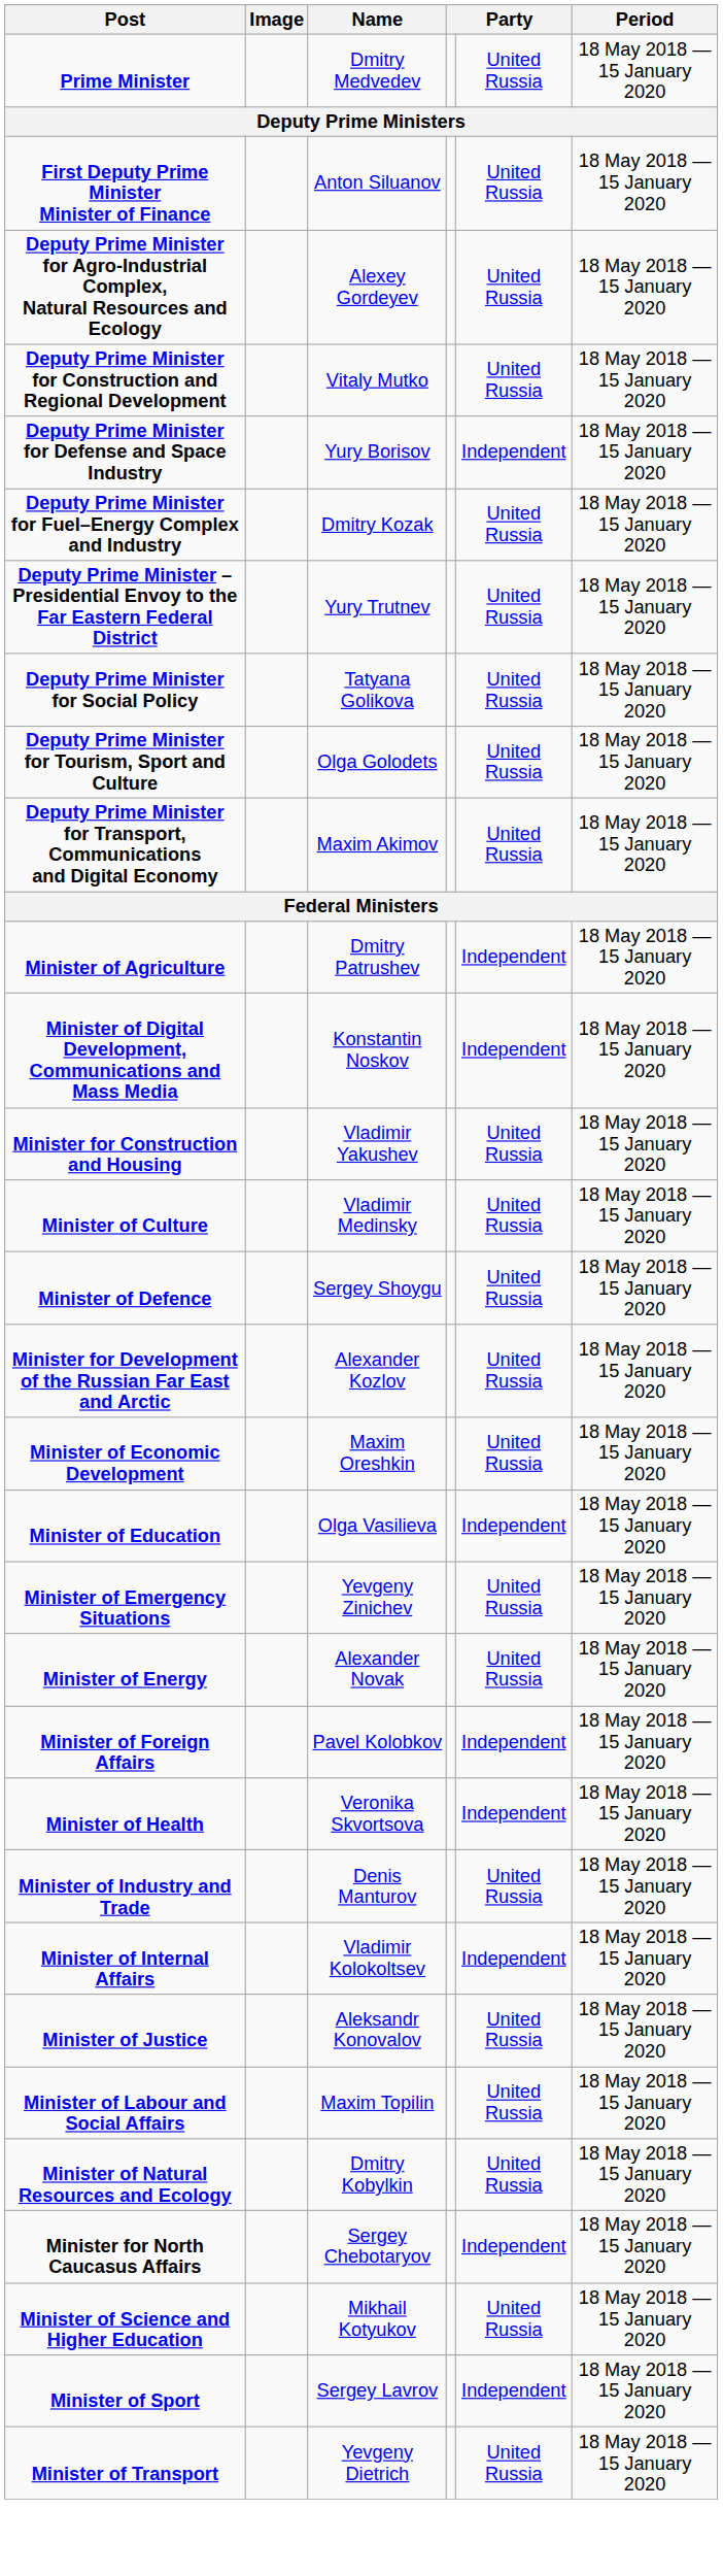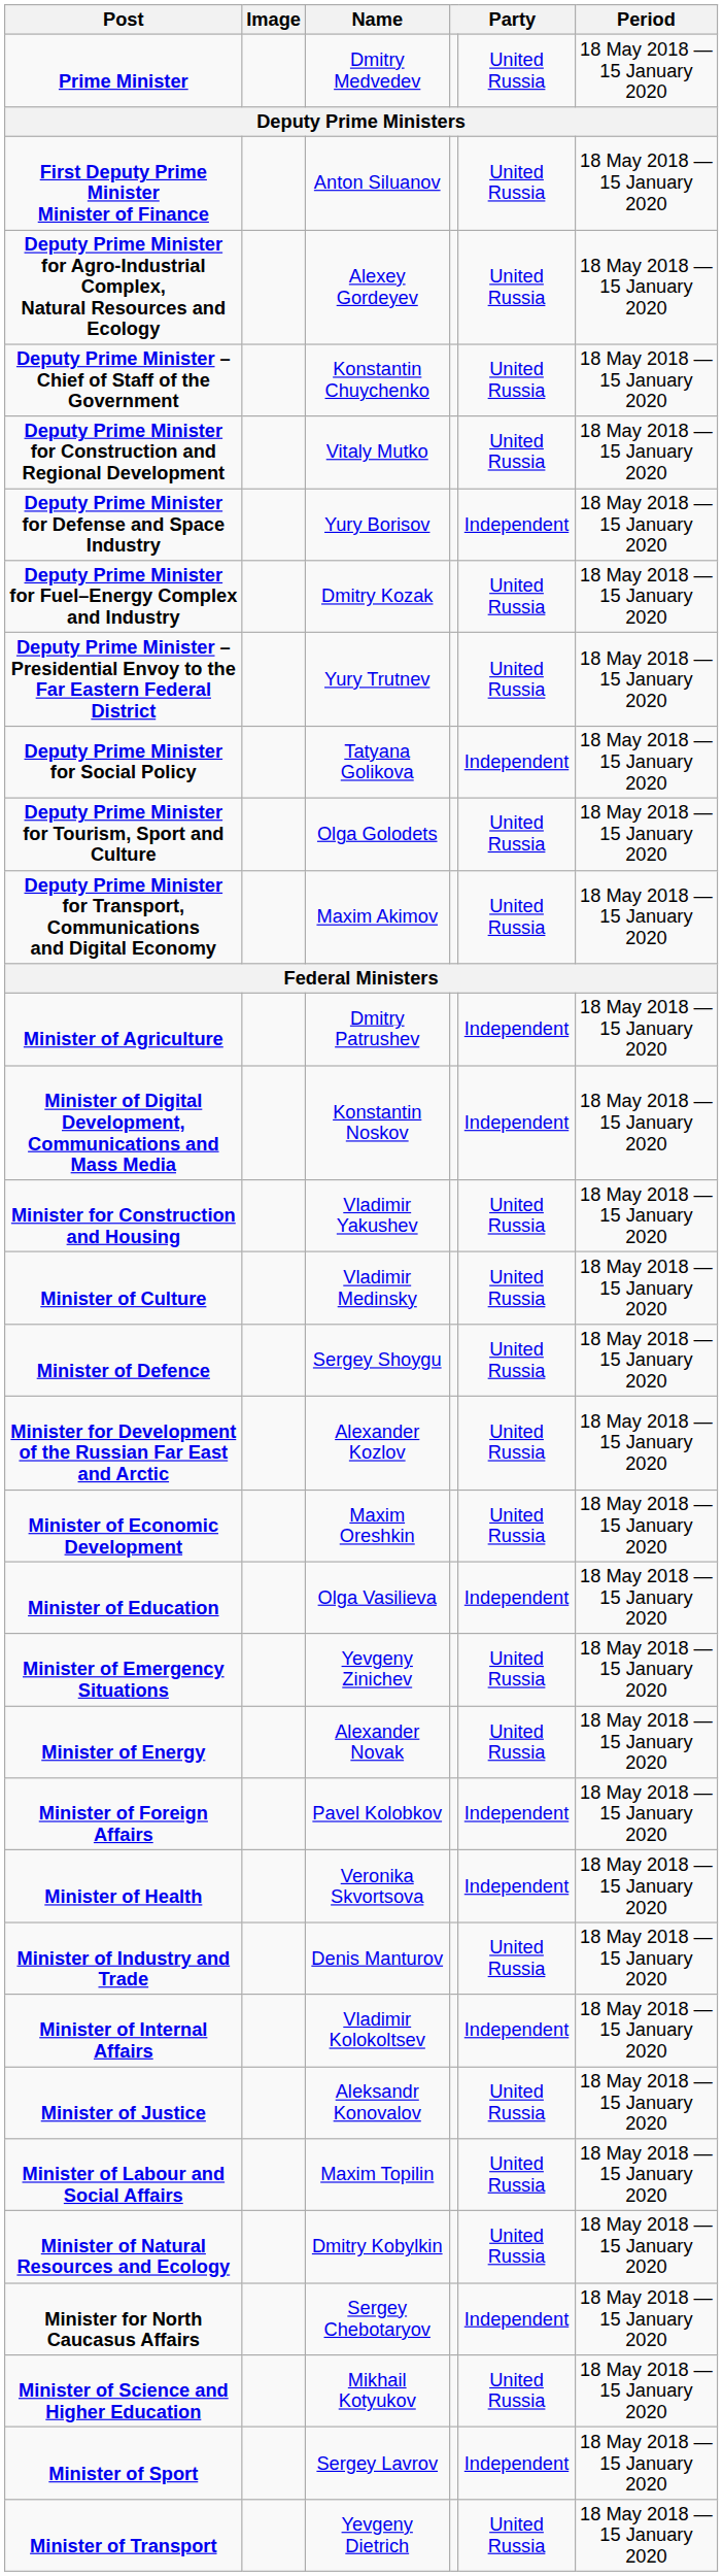 <table class="wikitable" style="text-align:center">
 <tr>
 <th>Post</th>
 <th>Image</th>
 <th>Name</th>
 <th colspan=2>Party</th>
 <th>Period</th>
 </tr>
 <tr>
 <td><br><strong><a href='#'>Prime Minister</a></strong></td>
 <td></td>
 <td><a href='#'>Dmitry Medvedev</a></td>
 <td style="background:"></td>
 <td><a href='#'>United Russia</a></td>
 <td>18 May 2018 — 15 January 2020</td>
 </tr>
 <tr>
 <th colspan=6>Deputy Prime Ministers</th>
 </tr>
 <tr>
 <td><br><strong><a href='#'>First Deputy Prime Minister</a></strong><br><strong><a href='#'>Minister of Finance</a></strong></td>
 <td></td>
 <td><a href='#'>Anton Siluanov</a></td>
 <td style="background:"></td>
 <td><a href='#'>United Russia</a></td>
 <td>18 May 2018 — 15 January 2020</td>
 </tr>
 <tr>
 <td><strong><a href='#'>Deputy Prime Minister</a><br>for Agro-Industrial Complex,<br>Natural Resources and Ecology</strong></td>
 <td></td>
 <td><a href='#'>Alexey Gordeyev</a></td>
+<td style="background:"></td>
+<td><a href='#'>United Russia</a></td>
+<td>18 May 2018 — 15 January 2020</td>
+</tr>
+<tr>
+<td><strong><a href='#'>Deputy Prime Minister</a> –<br>Chief of Staff of the Government</strong></td>
+<td></td>
+<td><a href='#'>Konstantin Chuychenko</a></td>
 <td style="background:"></td>
 <td><a href='#'>United Russia</a></td>
 <td>18 May 2018 — 15 January 2020</td>
 </tr>
 <tr>
 <td><strong><a href='#'>Deputy Prime Minister</a><br>for Construction and Regional Development</strong></td>
 <td></td>
 <td><a href='#'>Vitaly Mutko</a></td>
 <td style="background:"></td>
 <td><a href='#'>United Russia</a></td>
 <td>18 May 2018 — 15 January 2020</td>
 </tr>
 <tr>
 <td><strong><a href='#'>Deputy Prime Minister</a><br>for Defense and Space Industry</strong></td>
 <td></td>
 <td><a href='#'>Yury Borisov</a></td>
 <td style="background:"></td>
 <td><a href='#'>Independent</a></td>
 <td>18 May 2018 — 15 January 2020</td>
 </tr>
 <tr>
 <td><strong><a href='#'>Deputy Prime Minister</a><br>for Fuel–Energy Complex and Industry</strong></td>
 <td></td>
 <td><a href='#'>Dmitry Kozak</a></td>
 <td style="background:"></td>
 <td><a href='#'>United Russia</a></td>
 <td>18 May 2018 — 15 January 2020</td>
 </tr>
 <tr>
 <td><strong><a href='#'>Deputy Prime Minister</a> –<br>Presidential Envoy to the<br><a href='#'>Far Eastern Federal District</a></strong></td>
 <td></td>
 <td><a href='#'>Yury Trutnev</a></td>
 <td style="background:"></td>
 <td><a href='#'>United Russia</a></td>
 <td>18 May 2018 — 15 January 2020</td>
 </tr>
 <tr>
 <td><strong><a href='#'>Deputy Prime Minister</a><br>for Social Policy</strong></td>
 <td></td>
 <td><a href='#'>Tatyana Golikova</a></td>
 <td style="background:"></td>
-<td><a href='#'>United Russia</a></td>
+<td><a href='#'>Independent</a></td>
 <td>18 May 2018 — 15 January 2020</td>
 </tr>
 <tr>
 <td><strong><a href='#'>Deputy Prime Minister</a><br>for Tourism, Sport and Culture</strong></td>
 <td></td>
 <td><a href='#'>Olga Golodets</a></td>
 <td style="background:"></td>
 <td><a href='#'>United Russia</a></td>
 <td>18 May 2018 — 15 January 2020</td>
 </tr>
 <tr>
 <td><strong><a href='#'>Deputy Prime Minister</a><br>for Transport, Communications<br>and Digital Economy</strong></td>
 <td></td>
 <td><a href='#'>Maxim Akimov</a></td>
 <td style="background:"></td>
 <td><a href='#'>United Russia</a></td>
 <td>18 May 2018 — 15 January 2020</td>
 </tr>
 <tr>
 <th colspan=6>Federal Ministers</th>
 </tr>
 <tr>
 <td><br><strong><a href='#'>Minister of Agriculture</a></strong></td>
 <td></td>
 <td><a href='#'>Dmitry Patrushev</a></td>
 <td style="background:"></td>
 <td><a href='#'>Independent</a></td>
 <td>18 May 2018 — 15 January 2020</td>
 </tr>
 <tr>
 <td><br><strong><a href='#'>Minister of Digital Development,<br>Communications and Mass Media</a></strong></td>
 <td></td>
 <td><a href='#'>Konstantin Noskov</a></td>
 <td style="background:"></td>
 <td><a href='#'>Independent</a></td>
 <td>18 May 2018 — 15 January 2020</td>
 </tr>
 <tr>
 <td><br><strong><a href='#'>Minister for Construction and Housing</a></strong></td>
 <td></td>
 <td><a href='#'>Vladimir Yakushev</a></td>
 <td style="background:"></td>
 <td><a href='#'>United Russia</a></td>
 <td>18 May 2018 — 15 January 2020</td>
 </tr>
 <tr>
 <td><br><strong><a href='#'>Minister of Culture</a></strong></td>
 <td></td>
 <td><a href='#'>Vladimir Medinsky</a></td>
 <td style="background:"></td>
 <td><a href='#'>United Russia</a></td>
 <td>18 May 2018 — 15 January 2020</td>
 </tr>
 <tr>
 <td><br><strong><a href='#'>Minister of Defence</a></strong></td>
 <td></td>
 <td><a href='#'>Sergey Shoygu</a></td>
 <td style="background:"></td>
 <td><a href='#'>United Russia</a></td>
 <td>18 May 2018 — 15 January 2020</td>
 </tr>
 <tr>
 <td><br><strong><a href='#'>Minister for Development<br>of the Russian Far East and Arctic</a></strong></td>
 <td></td>
 <td><a href='#'>Alexander Kozlov</a></td>
 <td style="background:"></td>
 <td><a href='#'>United Russia</a></td>
 <td>18 May 2018 — 15 January 2020</td>
 </tr>
 <tr>
 <td><br><strong><a href='#'>Minister of Economic Development</a></strong></td>
 <td></td>
 <td><a href='#'>Maxim Oreshkin</a></td>
 <td style="background:"></td>
 <td><a href='#'>United Russia</a></td>
 <td>18 May 2018 — 15 January 2020</td>
 </tr>
 <tr>
 <td><br><strong><a href='#'>Minister of Education</a></strong></td>
 <td></td>
 <td><a href='#'>Olga Vasilieva</a></td>
 <td style="background:"></td>
 <td><a href='#'>Independent</a></td>
 <td>18 May 2018 — 15 January 2020</td>
 </tr>
 <tr>
 <td><br><strong><a href='#'>Minister of Emergency Situations</a></strong></td>
 <td></td>
 <td><a href='#'>Yevgeny Zinichev</a></td>
 <td style="background:"></td>
 <td><a href='#'>United Russia</a></td>
 <td>18 May 2018 — 15 January 2020</td>
 </tr>
 <tr>
 <td><br><strong><a href='#'>Minister of Energy</a></strong></td>
 <td></td>
 <td><a href='#'>Alexander Novak</a></td>
 <td style="background:"></td>
 <td><a href='#'>United Russia</a></td>
 <td>18 May 2018 — 15 January 2020</td>
 </tr>
 <tr>
 <td><br><strong><a href='#'>Minister of Foreign Affairs</a></strong></td>
 <td></td>
 <td><a href='#'>Pavel Kolobkov</a></td>
 <td style="background:"></td>
 <td><a href='#'>Independent</a></td>
 <td>18 May 2018 — 15 January 2020</td>
 </tr>
 <tr>
 <td><br><strong><a href='#'>Minister of Health</a></strong></td>
 <td></td>
 <td><a href='#'>Veronika Skvortsova</a></td>
 <td style="background:"></td>
 <td><a href='#'>Independent</a></td>
 <td>18 May 2018 — 15 January 2020</td>
 </tr>
 <tr>
 <td><br><strong><a href='#'>Minister of Industry and Trade</a></strong></td>
 <td></td>
 <td><a href='#'>Denis Manturov</a></td>
 <td style="background:"></td>
 <td><a href='#'>United Russia</a></td>
 <td>18 May 2018 — 15 January 2020</td>
 </tr>
 <tr>
 <td><br><strong><a href='#'>Minister of Internal Affairs</a></strong></td>
 <td></td>
 <td><a href='#'>Vladimir Kolokoltsev</a></td>
 <td style="background:"></td>
 <td><a href='#'>Independent</a></td>
 <td>18 May 2018 — 15 January 2020</td>
 </tr>
 <tr>
 <td><br><strong><a href='#'>Minister of Justice</a></strong></td>
 <td></td>
 <td><a href='#'>Aleksandr Konovalov</a></td>
 <td style="background:"></td>
 <td><a href='#'>United Russia</a></td>
 <td>18 May 2018 — 15 January 2020</td>
 </tr>
 <tr>
 <td><br><strong><a href='#'>Minister of Labour and Social Affairs</a></strong></td>
 <td></td>
 <td><a href='#'>Maxim Topilin</a></td>
 <td style="background:"></td>
 <td><a href='#'>United Russia</a></td>
 <td>18 May 2018 — 15 January 2020</td>
 </tr>
 <tr>
 <td><br><strong><a href='#'>Minister of Natural Resources and Ecology</a></strong></td>
 <td></td>
 <td><a href='#'>Dmitry Kobylkin</a></td>
 <td style="background:"></td>
 <td><a href='#'>United Russia</a></td>
 <td>18 May 2018 — 15 January 2020</td>
 </tr>
 <tr>
 <td><br><strong>Minister for North Caucasus Affairs</strong></td>
 <td></td>
 <td><a href='#'>Sergey Chebotaryov</a></td>
 <td style="background:"></td>
 <td><a href='#'>Independent</a></td>
 <td>18 May 2018 — 15 January 2020</td>
 </tr>
 <tr>
 <td><br><strong><a href='#'>Minister of Science and Higher Education</a></strong></td>
 <td></td>
 <td><a href='#'>Mikhail Kotyukov</a></td>
 <td style="background:"></td>
 <td><a href='#'>United Russia</a></td>
 <td>18 May 2018 — 15 January 2020</td>
 </tr>
 <tr>
 <td><br><strong><a href='#'>Minister of Sport</a></strong></td>
 <td></td>
 <td><a href='#'>Sergey Lavrov</a></td>
 <td style="background:"></td>
 <td><a href='#'>Independent</a></td>
 <td>18 May 2018 — 15 January 2020</td>
 </tr>
 <tr>
 <td><br><strong><a href='#'>Minister of Transport</a></strong></td>
 <td></td>
 <td><a href='#'>Yevgeny Dietrich</a></td>
 <td style="background:"></td>
 <td><a href='#'>United Russia</a></td>
 <td>18 May 2018 — 15 January 2020</td>
 </tr>
 </table>
